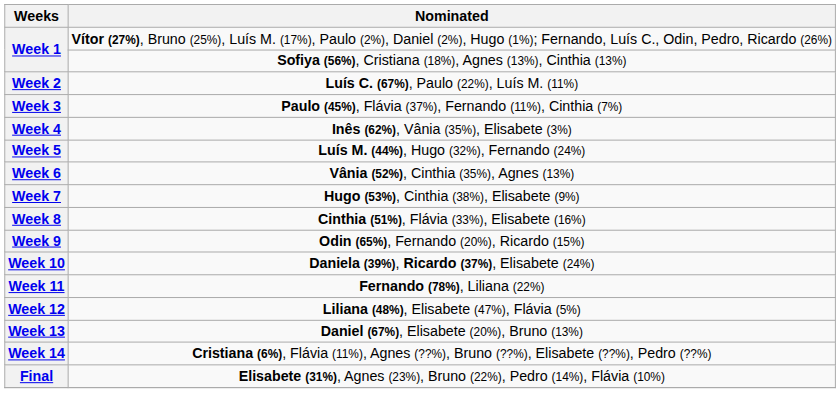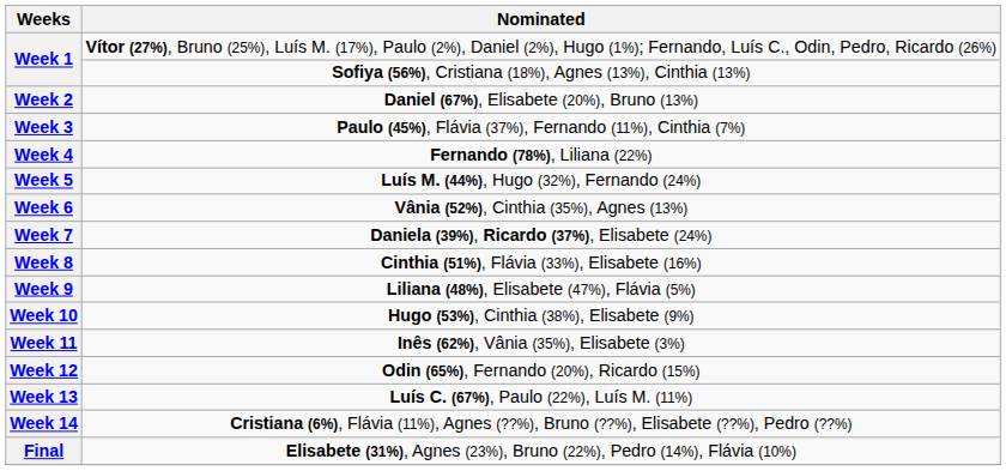 <table class="wikitable" style="font-size:90%; text-align:center; margin-left: auto; margin-right: auto">
 <tr>
 <th>Weeks</th>
 <th>Nominated</th>
 </tr>
 <tr>
 <th rowspan=2><a href='#'>Week 1</a></th>
 <td><strong>Vítor <small>(27%)</small></strong>, Bruno <small>(25%)</small>, Luís M. <small>(17%)</small>, Paulo <small>(2%)</small>, Daniel <small>(2%)</small>, Hugo <small>(1%)</small>; Fernando, Luís C., Odin, Pedro, Ricardo <small>(26%)</small></td>
 </tr>
 <tr>
 <td><strong>Sofiya <small>(56%)</small></strong>, Cristiana <small>(18%)</small>, Agnes <small>(13%)</small>, Cinthia <small>(13%)</small></td>
 </tr>
 <tr>
 <th><a href='#'>Week 2</a></th>
-<td><strong>Luís C. <small>(67%)</small></strong>, Paulo <small>(22%)</small>, Luís M. <small>(11%)</small></td>
+<td><strong>Daniel <small>(67%)</small></strong>, Elisabete <small>(20%)</small>, Bruno <small>(13%)</small></td>
 </tr>
 <tr>
 <th><a href='#'>Week 3</a></th>
 <td><strong>Paulo <small>(45%)</small></strong>, Flávia <small>(37%)</small>, Fernando <small>(11%)</small>, Cinthia <small>(7%)</small></td>
 </tr>
 <tr>
 <th><a href='#'>Week 4</a></th>
-<td><strong>Inês <small>(62%)</small></strong>, Vânia <small>(35%)</small>, Elisabete <small>(3%)</small></td>
+<td><strong>Fernando <small>(78%)</small></strong>, Liliana <small>(22%)</small></td>
 </tr>
 <tr>
 <th><a href='#'>Week 5</a></th>
 <td><strong>Luís M. <small>(44%)</small></strong>, Hugo <small>(32%)</small>, Fernando <small>(24%)</small></td>
 </tr>
 <tr>
 <th><a href='#'>Week 6</a></th>
 <td><strong>Vânia <small>(52%)</small></strong>, Cinthia <small>(35%)</small>, Agnes <small>(13%)</small></td>
 </tr>
 <tr>
 <th><a href='#'>Week 7</a></th>
-<td><strong>Hugo <small>(53%)</small></strong>, Cinthia <small>(38%)</small>, Elisabete <small>(9%)</small></td>
+<td><strong>Daniela <small>(39%)</small></strong>, <strong>Ricardo <small>(37%)</small></strong>, Elisabete <small>(24%)</small></td>
 </tr>
 <tr>
 <th><a href='#'>Week 8</a></th>
 <td><strong>Cinthia <small>(51%)</small></strong>, Flávia <small>(33%)</small>, Elisabete <small>(16%)</small></td>
 </tr>
 <tr>
 <th><a href='#'>Week 9</a></th>
+<td><strong>Liliana <small>(48%)</small></strong>, Elisabete <small>(47%)</small>, Flávia <small>(5%)</small></td>
+</tr>
+<tr>
+<th><a href='#'>Week 10</a></th>
+<td><strong>Hugo <small>(53%)</small></strong>, Cinthia <small>(38%)</small>, Elisabete <small>(9%)</small></td>
+</tr>
+<tr>
+<th><a href='#'>Week 11</a></th>
+<td><strong>Inês <small>(62%)</small></strong>, Vânia <small>(35%)</small>, Elisabete <small>(3%)</small></td>
+</tr>
+<tr>
+<th><a href='#'>Week 12</a></th>
 <td><strong>Odin <small>(65%)</small></strong>, Fernando <small>(20%)</small>, Ricardo <small>(15%)</small></td>
 </tr>
 <tr>
-<th><a href='#'>Week 10</a></th>
-<td><strong>Daniela <small>(39%)</small></strong>, <strong>Ricardo <small>(37%)</small></strong>, Elisabete <small>(24%)</small></td>
-</tr>
-<tr>
-<th><a href='#'>Week 11</a></th>
-<td><strong>Fernando <small>(78%)</small></strong>, Liliana <small>(22%)</small></td>
-</tr>
-<tr>
-<th><a href='#'>Week 12</a></th>
-<td><strong>Liliana <small>(48%)</small></strong>, Elisabete <small>(47%)</small>, Flávia <small>(5%)</small></td>
-</tr>
-<tr>
 <th><a href='#'>Week 13</a></th>
-<td><strong>Daniel <small>(67%)</small></strong>, Elisabete <small>(20%)</small>, Bruno <small>(13%)</small></td>
+<td><strong>Luís C. <small>(67%)</small></strong>, Paulo <small>(22%)</small>, Luís M. <small>(11%)</small></td>
 </tr>
 <tr>
 <th><a href='#'>Week 14</a></th>
 <td><strong>Cristiana <small>(6%)</small></strong>, Flávia <small>(11%)</small>, Agnes <small>(??%)</small>, Bruno <small>(??%)</small>, Elisabete <small>(??%)</small>, Pedro <small>(??%)</small></td>
 </tr>
 <tr>
 <th><a href='#'>Final</a></th>
 <td><strong>Elisabete <small>(31%)</small></strong>, Agnes <small>(23%)</small>, Bruno <small>(22%)</small>, Pedro <small>(14%)</small>, Flávia <small>(10%)</small></td>
 </tr>
 <tr>
 </tr>
 </table>
